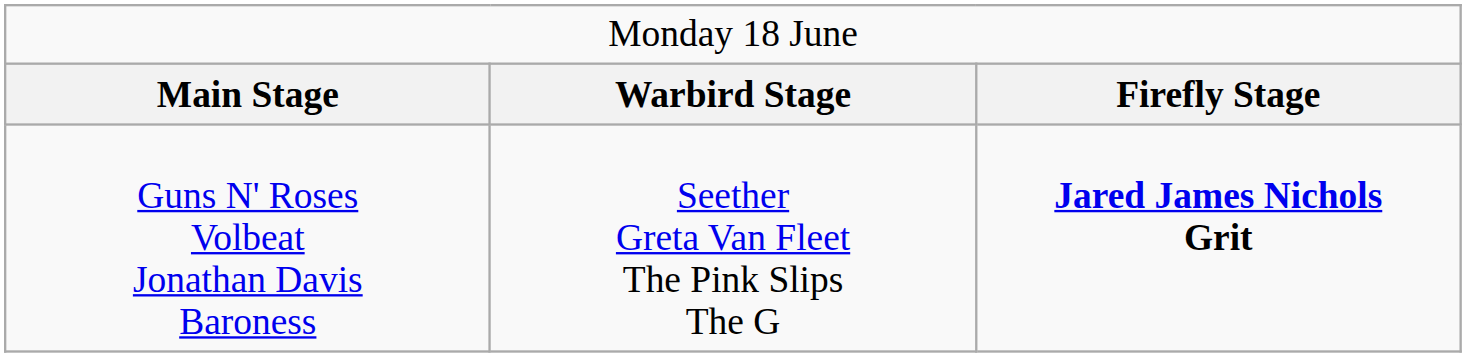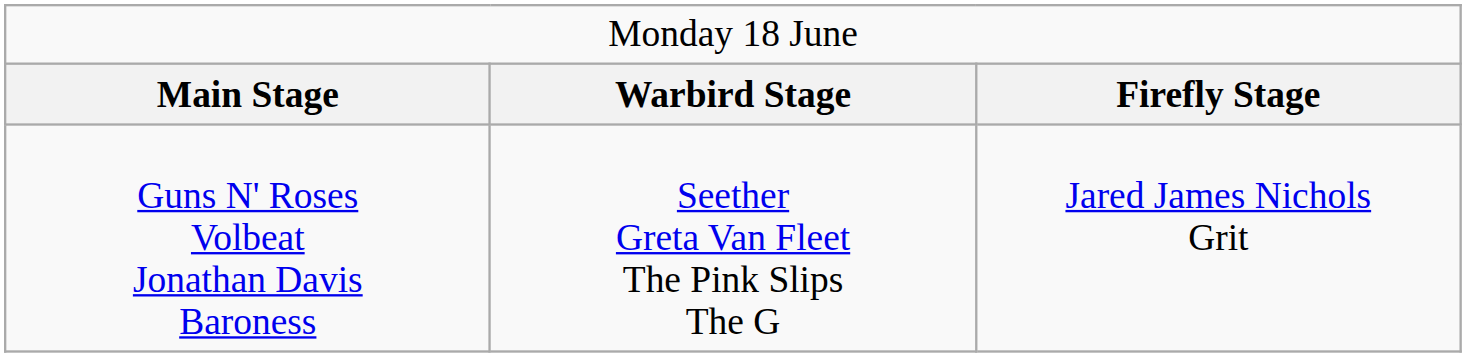 <table class="wikitable">
 <tr>
 <td colspan="3" style="text-align:center;">Monday 18 June</td>
 </tr>
 <tr>
 <th>Main Stage</th>
 <th>Warbird Stage</th>
 <th>Firefly Stage</th>
 </tr>
 <tr>
 <td style="text-align:center; vertical-align:top; width:200px;"><br><a href='#'>Guns N' Roses</a><br> <a href='#'>Volbeat</a> <br> <a href='#'>Jonathan Davis</a> <br> <a href='#'>Baroness</a> <br></td>
 <td style="text-align:center; vertical-align:top; width:200px;"><br><a href='#'>Seether</a> <br> <a href='#'>Greta Van Fleet</a> <br> The Pink Slips <br> The G <br></td>
-<td style="text-align:center; vertical-align:top; width:200px;"><strong><br><a href='#'>Jared James Nichols</a> <br> Grit <br></strong></td>
+<td style="text-align:center; vertical-align:top; width:200px;"><br><a href='#'>Jared James Nichols</a> <br> Grit <br></td>
 </tr>
 </table>
